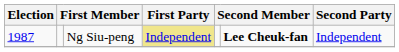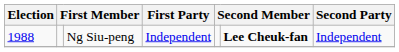 <table class="wikitable">
 <tr>
 <th>Election</th>
 <th colspan="2">First Member</th>
 <th>First Party</th>
 <th colspan="2">Second Member</th>
 <th>Second Party</th>
 </tr>
 <tr>
-<td><a href='#'>1987</a></td>
+<td><a href='#'>1988</a></td>
 <td style="background-color:"></td>
 <td>Ng Siu-peng</td>
-<td style="background: khaki;"><a href='#'>Independent</a></td>
+<td><a href='#'>Independent</a></td>
 <td style="background-color:"></td>
 <td><strong>Lee Cheuk-fan</strong></td>
 <td><a href='#'>Independent</a></td>
 </tr>
 <tr>
 </tr>
 </table>
